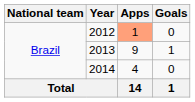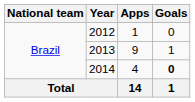 <table class="wikitable" style="text-align:center">
 <tr>
 <th>National team</th>
 <th>Year</th>
 <th>Apps</th>
 <th>Goals</th>
 </tr>
 <tr>
 <td rowspan="3"><a href='#'>Brazil</a></td>
 <td>2012</td>
-<td style="background: lightsalmon;">1</td>
+<td>1</td>
 <td>0</td>
 </tr>
 <tr>
 <td>2013</td>
 <td>9</td>
 <td>1</td>
 </tr>
 <tr>
 <td>2014</td>
 <td>4</td>
-<td>0</td>
+<td><strong>0</strong></td>
 </tr>
 <tr>
 <th colspan="2">Total</th>
 <th>14</th>
 <th>1</th>
 </tr>
 </table>
